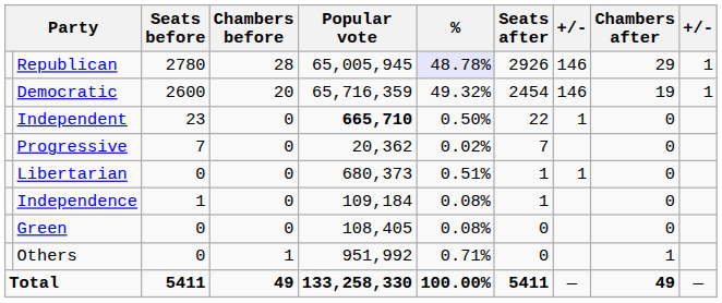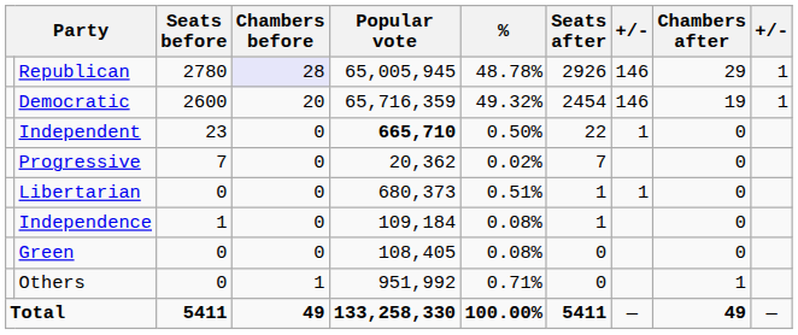 <table class="wikitable">
 <tr>
 <th colspan="2">Party</th>
 <th>Seats<br>before</th>
 <th>Chambers<br>before</th>
 <th>Popular<br>vote</th>
 <th>%</th>
 <th>Seats<br>after</th>
 <th>+/-</th>
 <th>Chambers<br>after</th>
 <th>+/-</th>
 </tr>
 <tr>
 <td style="background:"></td>
 <td><a href='#'>Republican</a></td>
 <td align="right">2780</td>
-<td align="right">28</td>
+<td align="right" style="background: lavender;">28</td>
 <td align="right">65,005,945</td>
-<td align="right" style="background: lavender;">48.78%</td>
+<td align="right">48.78%</td>
 <td align="right">2926</td>
 <td align="right"> 146</td>
 <td align="right">29</td>
 <td align="right"> 1</td>
 </tr>
 <tr>
 <td style="background:"></td>
 <td><a href='#'>Democratic</a></td>
 <td align="right">2600</td>
 <td align="right">20</td>
 <td align="right">65,716,359</td>
 <td align="right">49.32%</td>
 <td align="right">2454</td>
 <td align="right"> 146</td>
 <td align="right">19</td>
 <td align="right"> 1</td>
 </tr>
 <tr>
 <td style="background:"></td>
 <td><a href='#'>Independent</a></td>
 <td align="right">23</td>
 <td align="right">0</td>
 <td align="right"><strong>665,710</strong></td>
 <td align="right">0.50%</td>
 <td align="right">22</td>
 <td align="right"> 1</td>
 <td align="right">0</td>
 <td align="center"></td>
 </tr>
 <tr>
 <td style="background:"></td>
 <td><a href='#'>Progressive</a></td>
 <td align="right">7</td>
 <td align="right">0</td>
 <td align="right">20,362</td>
 <td align="right">0.02%</td>
 <td align="right">7</td>
 <td align="center"></td>
 <td align="right">0</td>
 <td align="center"></td>
 </tr>
 <tr>
 <td style="background:"></td>
 <td><a href='#'>Libertarian</a></td>
 <td align="right">0</td>
 <td align="right">0</td>
 <td align="right">680,373</td>
 <td align="right">0.51%</td>
 <td align="right">1</td>
 <td align="right"> 1</td>
 <td align="right">0</td>
 <td align="center"></td>
 </tr>
 <tr>
 <td style="background:"></td>
 <td><a href='#'>Independence</a></td>
 <td align="right">1</td>
 <td align="right">0</td>
 <td align="right">109,184</td>
 <td align="right">0.08%</td>
 <td align="right">1</td>
 <td align="center"></td>
 <td align="right">0</td>
 <td align="center"></td>
 </tr>
 <tr>
 <td style="background:"></td>
 <td><a href='#'>Green</a></td>
 <td align="right">0</td>
 <td align="right">0</td>
 <td align="right">108,405</td>
 <td align="right">0.08%</td>
 <td align="right">0</td>
 <td align="center"></td>
 <td align="right">0</td>
 <td align="center"></td>
 </tr>
 <tr>
 <td></td>
 <td>Others</td>
 <td align="right">0</td>
 <td align="right">1</td>
 <td align="right">951,992</td>
 <td align="right">0.71%</td>
 <td align="right">0</td>
 <td align="center"></td>
 <td align="right">1</td>
 <td align="center"></td>
 </tr>
 <tr>
 <td colspan="2"><strong>Total</strong></td>
 <td align="right"><strong>5411</strong></td>
 <td align="right"><strong>49</strong></td>
 <td align="right"><strong>133,258,330</strong></td>
 <td align="right"><strong>100.00%</strong></td>
 <td align="right"><strong>5411</strong></td>
 <td align="center">—</td>
 <td align="right"><strong>49</strong></td>
 <td align="center">—</td>
 </tr>
 </table>
